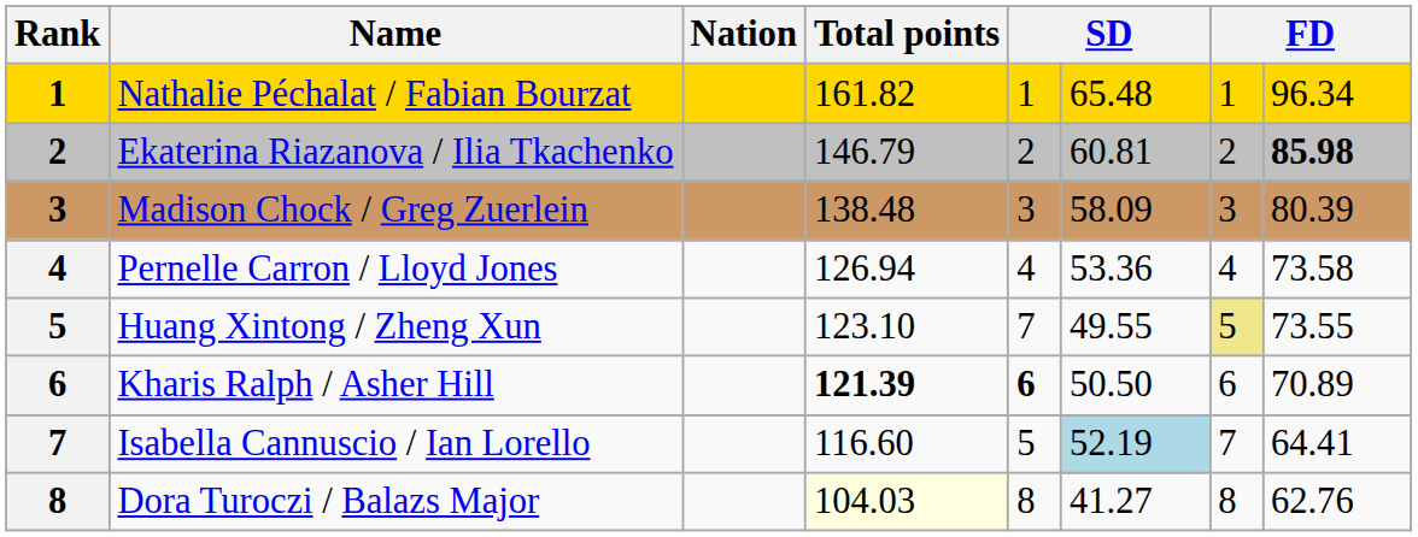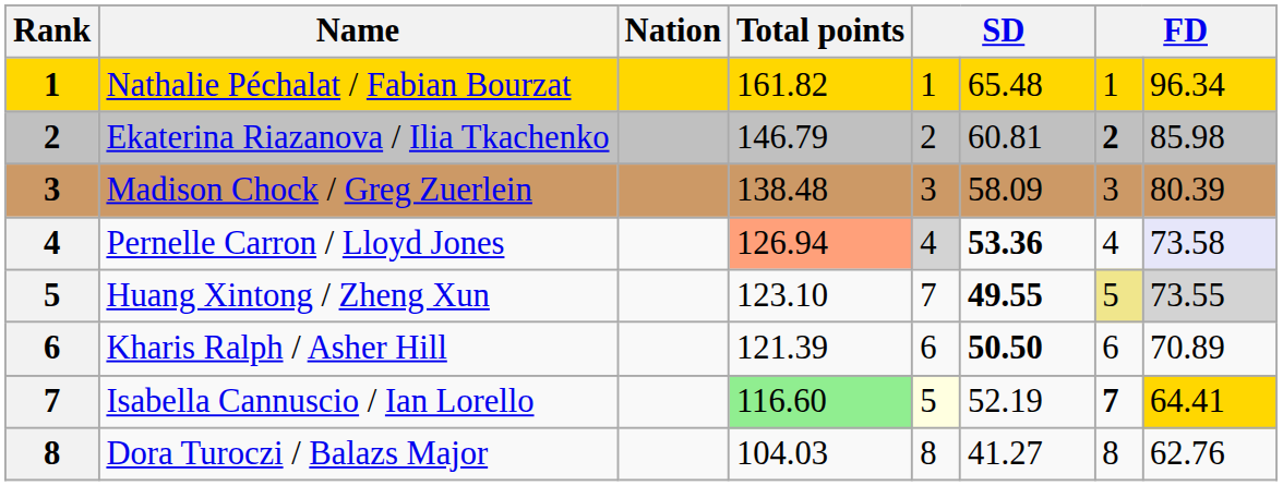 <table class="wikitable sortable">
 <tr>
 <th>Rank</th>
 <th>Name</th>
 <th>Nation</th>
 <th>Total points</th>
 <th colspan="2" width="80px"><a href='#'>SD</a></th>
 <th colspan="2" width="80px"><a href='#'>FD</a></th>
 </tr>
 <tr bgcolor="gold">
 <td align="center"><strong>1</strong></td>
 <td><a href='#'>Nathalie Péchalat</a> / <a href='#'>Fabian Bourzat</a></td>
 <td></td>
 <td>161.82</td>
 <td>1</td>
 <td>65.48</td>
 <td>1</td>
 <td>96.34</td>
 </tr>
 <tr bgcolor="silver">
 <td align="center"><strong>2</strong></td>
 <td><a href='#'>Ekaterina Riazanova</a> / <a href='#'>Ilia Tkachenko</a></td>
 <td></td>
 <td>146.79</td>
 <td>2</td>
 <td>60.81</td>
-<td>2</td>
-<td><strong>85.98</strong></td>
+<td><strong>2</strong></td>
+<td>85.98</td>
 </tr>
 <tr bgcolor="cc9966">
 <td align="center"><strong>3</strong></td>
 <td><a href='#'>Madison Chock</a> / <a href='#'>Greg Zuerlein</a></td>
 <td></td>
 <td>138.48</td>
 <td>3</td>
 <td>58.09</td>
 <td>3</td>
 <td>80.39</td>
 </tr>
 <tr>
 <th>4</th>
 <td><a href='#'>Pernelle Carron</a> / <a href='#'>Lloyd Jones</a></td>
 <td></td>
-<td>126.94</td>
+<td style="background: lightsalmon;">126.94</td>
+<td style="background: lightgrey;">4</td>
+<td><strong>53.36</strong></td>
 <td>4</td>
-<td>53.36</td>
-<td>4</td>
-<td>73.58</td>
+<td style="background: lavender;">73.58</td>
 </tr>
 <tr>
 <th>5</th>
 <td><a href='#'>Huang Xintong</a> / <a href='#'>Zheng Xun</a></td>
 <td></td>
 <td>123.10</td>
 <td>7</td>
-<td>49.55</td>
+<td><strong>49.55</strong></td>
 <td style="background: khaki;">5</td>
-<td>73.55</td>
+<td style="background: lightgrey;">73.55</td>
 </tr>
 <tr>
 <th>6</th>
 <td><a href='#'>Kharis Ralph</a> / <a href='#'>Asher Hill</a></td>
 <td></td>
-<td><strong>121.39</strong></td>
-<td><strong>6</strong></td>
-<td>50.50</td>
+<td>121.39</td>
+<td>6</td>
+<td><strong>50.50</strong></td>
 <td>6</td>
 <td>70.89</td>
 </tr>
 <tr>
 <th>7</th>
 <td><a href='#'>Isabella Cannuscio</a> / <a href='#'>Ian Lorello</a></td>
 <td></td>
-<td>116.60</td>
-<td>5</td>
-<td style="background: lightblue;">52.19</td>
-<td>7</td>
-<td>64.41</td>
+<td style="background: lightgreen;">116.60</td>
+<td style="background: lightyellow;">5</td>
+<td>52.19</td>
+<td><strong>7</strong></td>
+<td style="background: gold;">64.41</td>
 </tr>
 <tr>
 <th>8</th>
 <td><a href='#'>Dora Turoczi</a> / <a href='#'>Balazs Major</a></td>
 <td></td>
-<td style="background: lightyellow;">104.03</td>
+<td>104.03</td>
 <td>8</td>
 <td>41.27</td>
 <td>8</td>
 <td>62.76</td>
 </tr>
 </table>
